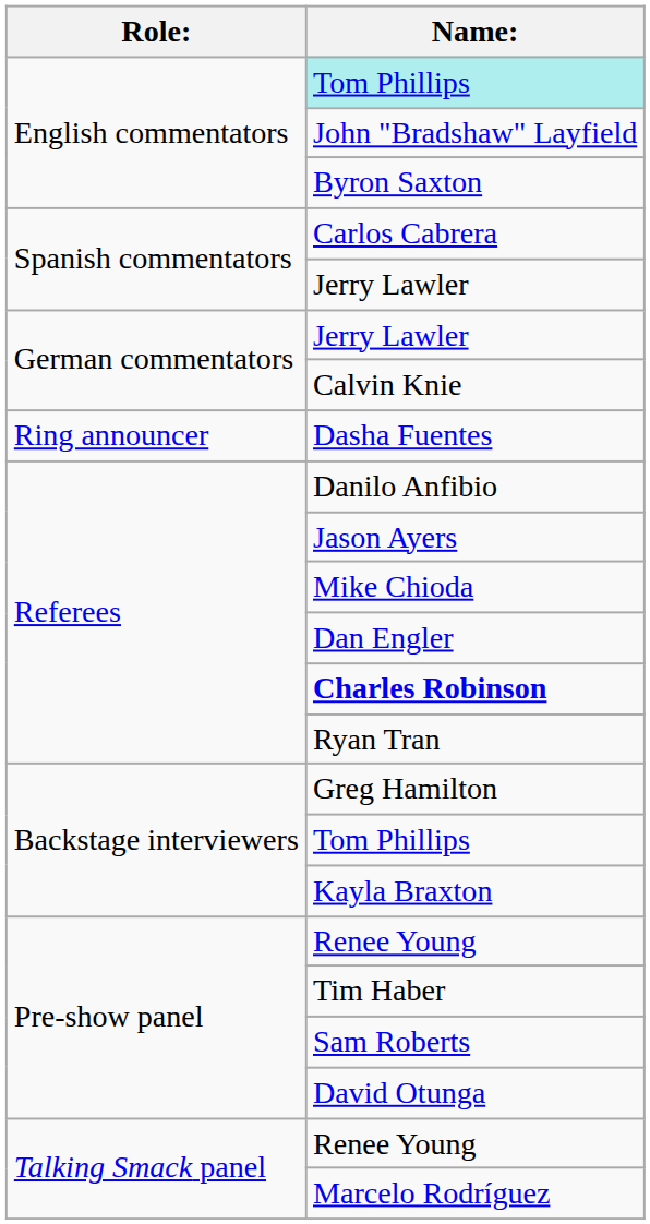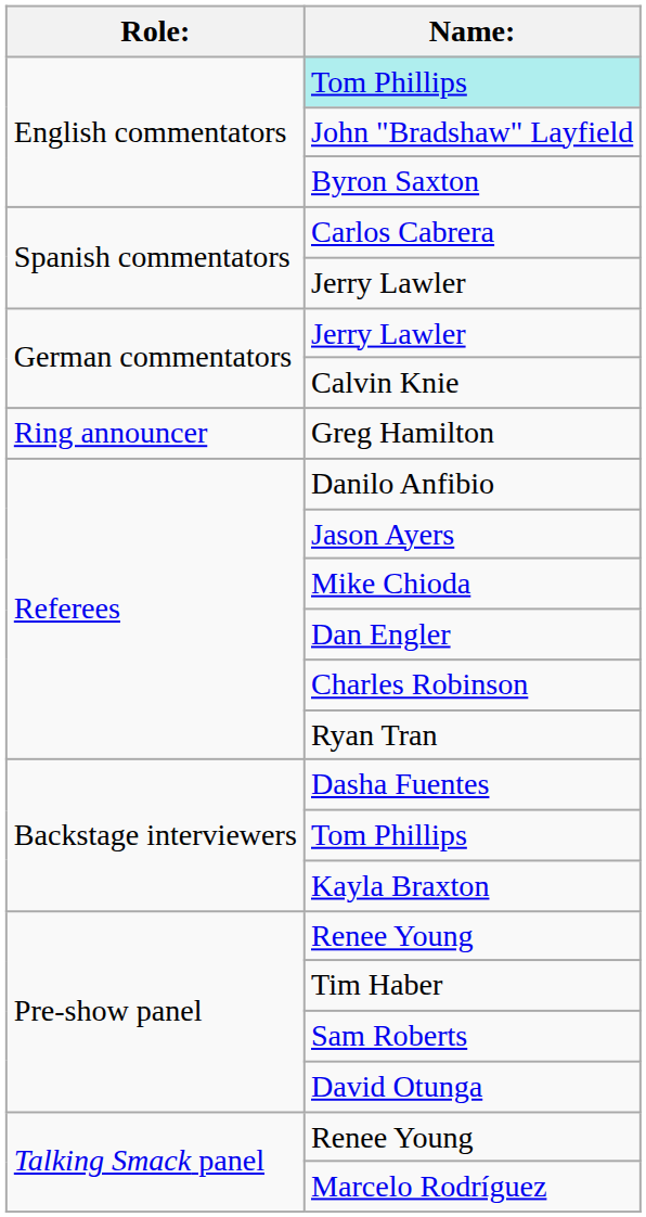 <table class=wikitable style="font-size:90%; margin: 0.5em 0 0.5em 1em; float: right; clear: right;">
 <tr>
 <th>Role:</th>
 <th>Name:</th>
 </tr>
 <tr>
 <td rowspan=3>English commentators</td>
 <td style="background: paleturquoise;"><a href='#'>Tom Phillips</a></td>
 </tr>
 <tr>
 <td><a href='#'>John "Bradshaw" Layfield</a></td>
 </tr>
 <tr>
 <td><a href='#'>Byron Saxton</a></td>
 </tr>
 <tr>
 <td rowspan=2>Spanish commentators</td>
 <td><a href='#'>Carlos Cabrera</a></td>
 </tr>
 <tr>
 <td>Jerry Lawler</td>
 </tr>
 <tr>
 <td rowspan=2>German commentators</td>
 <td><a href='#'>Jerry Lawler</a></td>
 </tr>
 <tr>
 <td>Calvin Knie</td>
 </tr>
 <tr>
 <td rowspan=1><a href='#'>Ring announcer</a></td>
-<td><a href='#'>Dasha Fuentes</a></td>
+<td>Greg Hamilton</td>
 </tr>
 <tr>
 <td rowspan=6><a href='#'>Referees</a></td>
 <td>Danilo Anfibio</td>
 </tr>
 <tr>
 <td><a href='#'>Jason Ayers</a></td>
 </tr>
 <tr>
 <td><a href='#'>Mike Chioda</a></td>
 </tr>
 <tr>
 <td><a href='#'>Dan Engler</a></td>
 </tr>
 <tr>
-<td><strong><a href='#'>Charles Robinson</a></strong></td>
+<td><a href='#'>Charles Robinson</a></td>
 </tr>
 <tr>
 <td>Ryan Tran</td>
 </tr>
 <tr>
 <td rowspan=3>Backstage interviewers</td>
-<td>Greg Hamilton</td>
+<td><a href='#'>Dasha Fuentes</a></td>
 </tr>
 <tr>
 <td><a href='#'>Tom Phillips</a></td>
 </tr>
 <tr>
 <td><a href='#'>Kayla Braxton</a></td>
 </tr>
 <tr>
 <td rowspan=4>Pre-show panel</td>
 <td><a href='#'>Renee Young</a></td>
 </tr>
 <tr>
 <td>Tim Haber</td>
 </tr>
 <tr>
 <td><a href='#'>Sam Roberts</a></td>
 </tr>
 <tr>
 <td><a href='#'>David Otunga</a></td>
 </tr>
 <tr>
 <td rowspan=2><a href='#'><em>Talking Smack</em> panel</a></td>
 <td>Renee Young</td>
 </tr>
 <tr>
 <td><a href='#'>Marcelo Rodríguez</a></td>
 </tr>
 </table>
